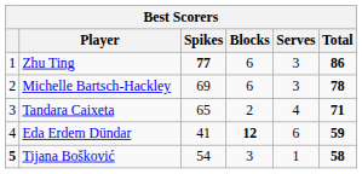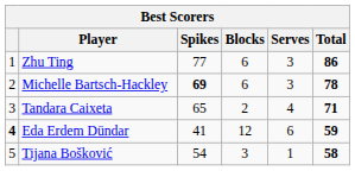 <table class="wikitable sortable" style=font-size:90%>
 <tr>
 <th colspan=6>Best Scorers</th>
 </tr>
 <tr>
 <th></th>
 <th width=158>Player</th>
 <th width=20>Spikes</th>
 <th width=20>Blocks</th>
 <th width=20>Serves</th>
 <th width=20>Total</th>
 </tr>
 <tr>
 <td>1</td>
 <td> <a href='#'>Zhu Ting</a></td>
-<td align=center><strong>77</strong></td>
+<td align=center>77</td>
 <td align=center>6</td>
 <td align=center>3</td>
 <td align=center><strong>86</strong></td>
 </tr>
 <tr>
 <td>2</td>
 <td> <a href='#'>Michelle Bartsch-Hackley</a></td>
-<td align=center>69</td>
+<td align=center><strong>69</strong></td>
 <td align=center>6</td>
 <td align=center>3</td>
 <td align=center><strong>78</strong></td>
 </tr>
 <tr>
 <td>3</td>
 <td> <a href='#'>Tandara Caixeta</a></td>
 <td align=center>65</td>
 <td align=center>2</td>
 <td align=center>4</td>
 <td align=center><strong>71</strong></td>
 </tr>
 <tr>
-<td>4</td>
+<td><strong>4</strong></td>
 <td> <a href='#'>Eda Erdem Dündar</a></td>
 <td align=center>41</td>
-<td align=center><strong>12</strong></td>
+<td align=center>12</td>
 <td align=center>6</td>
 <td align=center><strong>59</strong></td>
 </tr>
 <tr>
-<td><strong>5</strong></td>
+<td>5</td>
 <td> <a href='#'>Tijana Bošković</a></td>
 <td align=center>54</td>
 <td align=center>3</td>
 <td align=center>1</td>
 <td align=center><strong>58</strong></td>
 </tr>
 </table>
